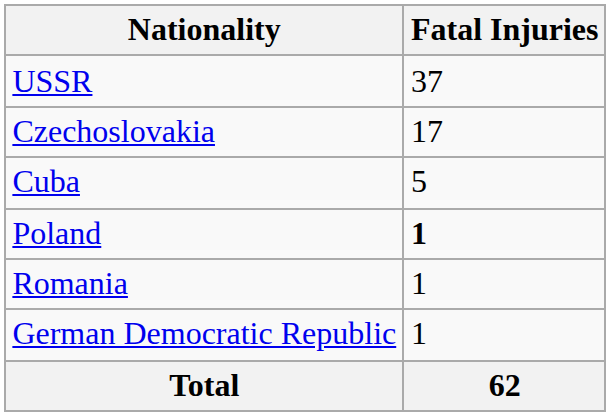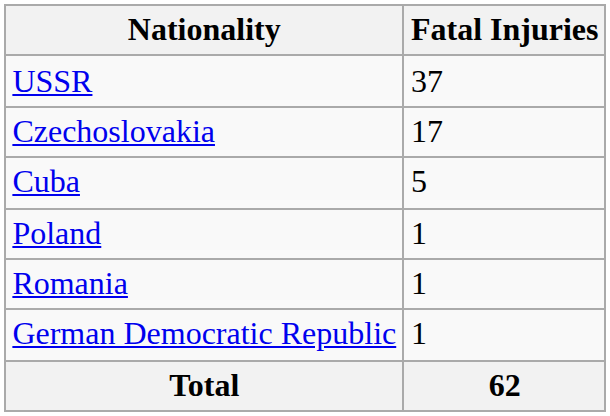 <table class="wikitable">
 <tr>
 <th>Nationality</th>
 <th>Fatal Injuries</th>
 </tr>
 <tr>
 <td><a href='#'>USSR</a></td>
 <td>37</td>
 </tr>
 <tr>
 <td><a href='#'>Czechoslovakia</a></td>
 <td>17</td>
 </tr>
 <tr>
 <td><a href='#'>Cuba</a></td>
 <td>5</td>
 </tr>
 <tr>
 <td><a href='#'>Poland</a></td>
-<td><strong>1</strong></td>
+<td>1</td>
 </tr>
 <tr>
 <td><a href='#'>Romania</a></td>
 <td>1</td>
 </tr>
 <tr>
 <td><a href='#'>German Democratic Republic</a></td>
 <td>1</td>
 </tr>
 <tr>
 <th>Total</th>
 <th>62</th>
 </tr>
 </table>
